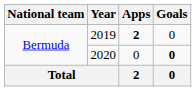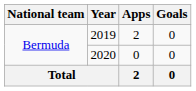 <table class="wikitable" style="text-align:center">
 <tr>
 <th>National team</th>
 <th>Year</th>
 <th>Apps</th>
 <th>Goals</th>
 </tr>
 <tr>
 <td rowspan="2"><a href='#'>Bermuda</a></td>
 <td>2019</td>
-<td><strong>2</strong></td>
+<td>2</td>
 <td>0</td>
 </tr>
 <tr>
 <td>2020</td>
 <td>0</td>
-<td><strong>0</strong></td>
+<td>0</td>
 </tr>
 <tr>
 <th colspan=2>Total</th>
 <th>2</th>
 <th>0</th>
 </tr>
 </table>
